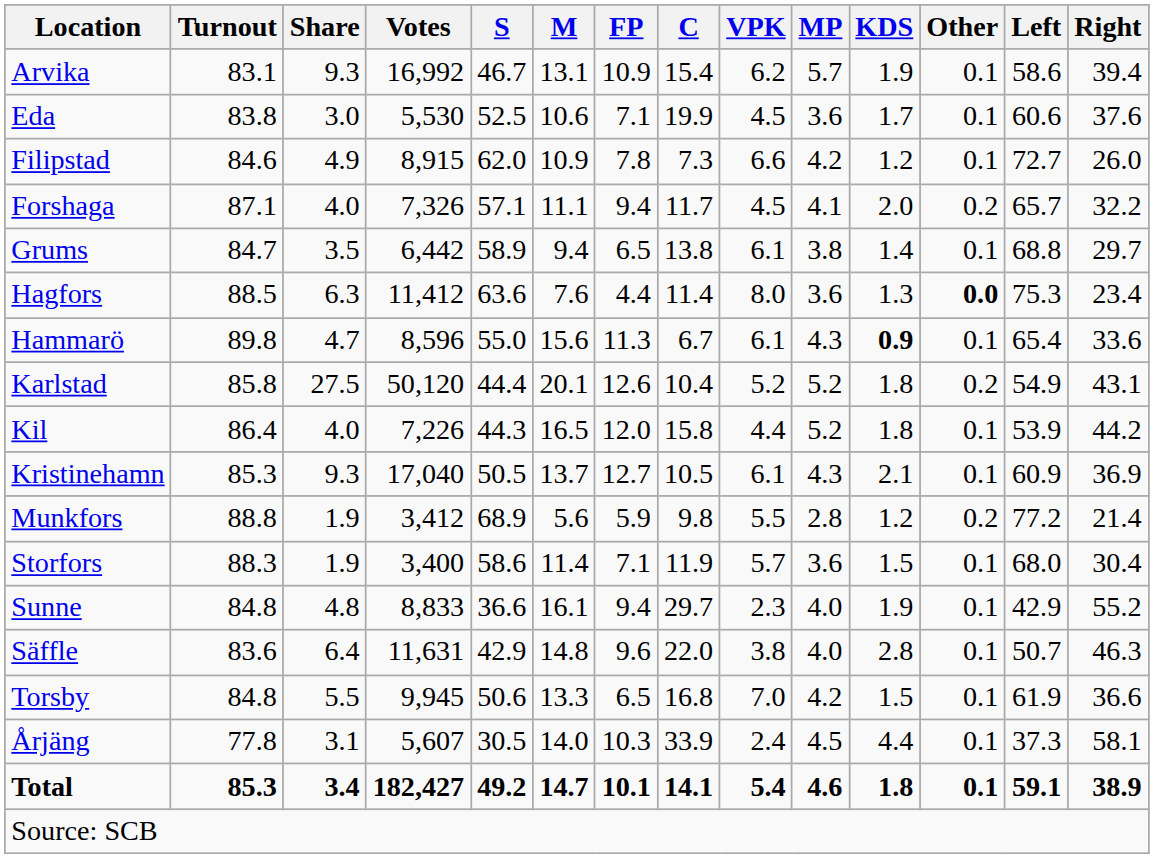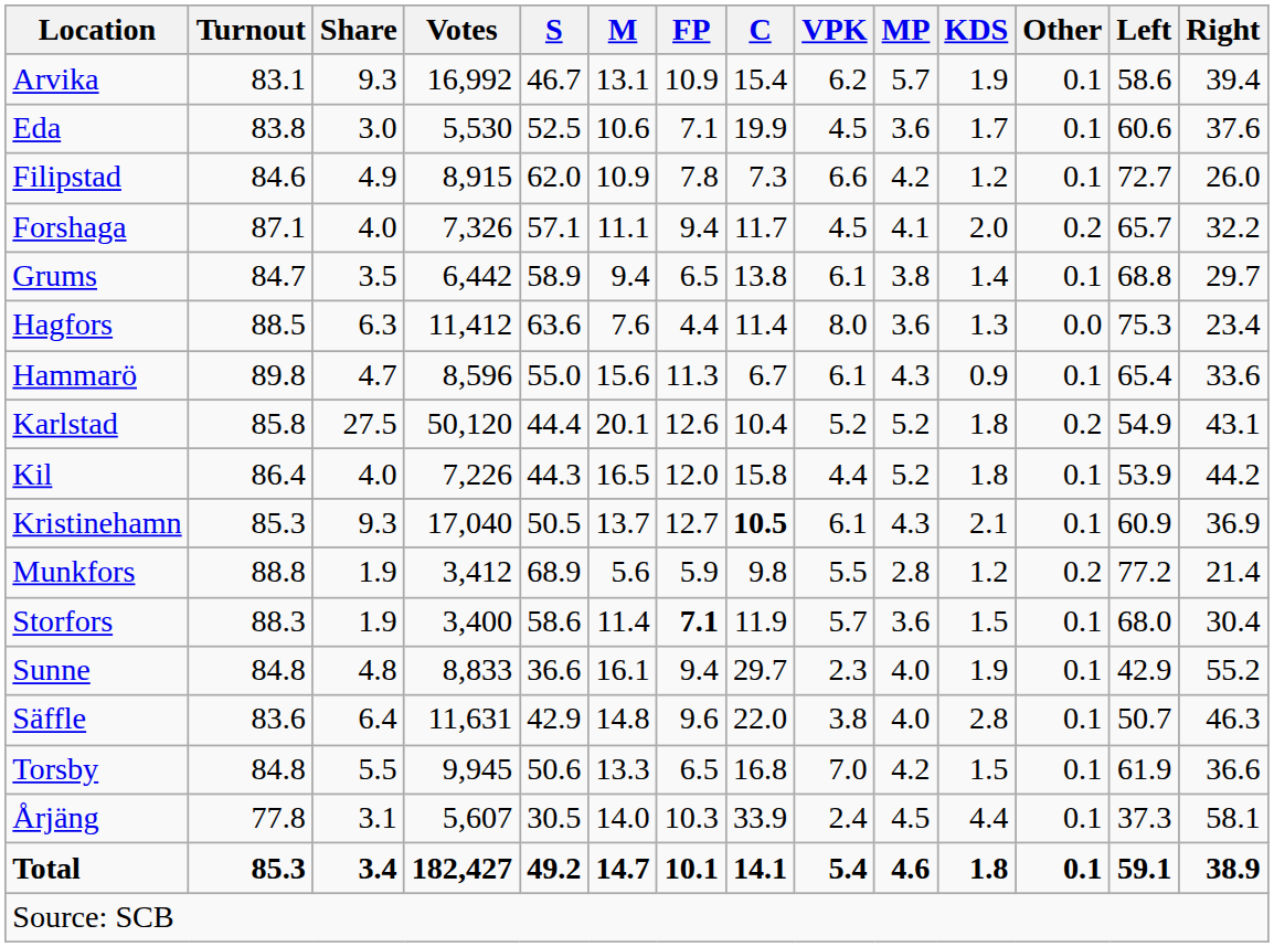 <table class="wikitable sortable" style=text-align:right>
 <tr>
 <th>Location</th>
 <th>Turnout</th>
 <th>Share</th>
 <th>Votes</th>
 <th><a href='#'>S</a></th>
 <th><a href='#'>M</a></th>
 <th><a href='#'>FP</a></th>
 <th><a href='#'>C</a></th>
 <th><a href='#'>VPK</a></th>
 <th><a href='#'>MP</a></th>
 <th><a href='#'>KDS</a></th>
 <th>Other</th>
 <th>Left</th>
 <th>Right</th>
 </tr>
 <tr>
 <td align=left><a href='#'>Arvika</a></td>
 <td>83.1</td>
 <td>9.3</td>
 <td>16,992</td>
 <td>46.7</td>
 <td>13.1</td>
 <td>10.9</td>
 <td>15.4</td>
 <td>6.2</td>
 <td>5.7</td>
 <td>1.9</td>
 <td>0.1</td>
 <td>58.6</td>
 <td>39.4</td>
 </tr>
 <tr>
 <td align=left><a href='#'>Eda</a></td>
 <td>83.8</td>
 <td>3.0</td>
 <td>5,530</td>
 <td>52.5</td>
 <td>10.6</td>
 <td>7.1</td>
 <td>19.9</td>
 <td>4.5</td>
 <td>3.6</td>
 <td>1.7</td>
 <td>0.1</td>
 <td>60.6</td>
 <td>37.6</td>
 </tr>
 <tr>
 <td align=left><a href='#'>Filipstad</a></td>
 <td>84.6</td>
 <td>4.9</td>
 <td>8,915</td>
 <td>62.0</td>
 <td>10.9</td>
 <td>7.8</td>
 <td>7.3</td>
 <td>6.6</td>
 <td>4.2</td>
 <td>1.2</td>
 <td>0.1</td>
 <td>72.7</td>
 <td>26.0</td>
 </tr>
 <tr>
 <td align=left><a href='#'>Forshaga</a></td>
 <td>87.1</td>
 <td>4.0</td>
 <td>7,326</td>
 <td>57.1</td>
 <td>11.1</td>
 <td>9.4</td>
 <td>11.7</td>
 <td>4.5</td>
 <td>4.1</td>
 <td>2.0</td>
 <td>0.2</td>
 <td>65.7</td>
 <td>32.2</td>
 </tr>
 <tr>
 <td align=left><a href='#'>Grums</a></td>
 <td>84.7</td>
 <td>3.5</td>
 <td>6,442</td>
 <td>58.9</td>
 <td>9.4</td>
 <td>6.5</td>
 <td>13.8</td>
 <td>6.1</td>
 <td>3.8</td>
 <td>1.4</td>
 <td>0.1</td>
 <td>68.8</td>
 <td>29.7</td>
 </tr>
 <tr>
 <td align=left><a href='#'>Hagfors</a></td>
 <td>88.5</td>
 <td>6.3</td>
 <td>11,412</td>
 <td>63.6</td>
 <td>7.6</td>
 <td>4.4</td>
 <td>11.4</td>
 <td>8.0</td>
 <td>3.6</td>
 <td>1.3</td>
-<td><strong>0.0</strong></td>
+<td>0.0</td>
 <td>75.3</td>
 <td>23.4</td>
 </tr>
 <tr>
 <td align=left><a href='#'>Hammarö</a></td>
 <td>89.8</td>
 <td>4.7</td>
 <td>8,596</td>
 <td>55.0</td>
 <td>15.6</td>
 <td>11.3</td>
 <td>6.7</td>
 <td>6.1</td>
 <td>4.3</td>
-<td><strong>0.9</strong></td>
+<td>0.9</td>
 <td>0.1</td>
 <td>65.4</td>
 <td>33.6</td>
 </tr>
 <tr>
 <td align=left><a href='#'>Karlstad</a></td>
 <td>85.8</td>
 <td>27.5</td>
 <td>50,120</td>
 <td>44.4</td>
 <td>20.1</td>
 <td>12.6</td>
 <td>10.4</td>
 <td>5.2</td>
 <td>5.2</td>
 <td>1.8</td>
 <td>0.2</td>
 <td>54.9</td>
 <td>43.1</td>
 </tr>
 <tr>
 <td align=left><a href='#'>Kil</a></td>
 <td>86.4</td>
 <td>4.0</td>
 <td>7,226</td>
 <td>44.3</td>
 <td>16.5</td>
 <td>12.0</td>
 <td>15.8</td>
 <td>4.4</td>
 <td>5.2</td>
 <td>1.8</td>
 <td>0.1</td>
 <td>53.9</td>
 <td>44.2</td>
 </tr>
 <tr>
 <td align=left><a href='#'>Kristinehamn</a></td>
 <td>85.3</td>
 <td>9.3</td>
 <td>17,040</td>
 <td>50.5</td>
 <td>13.7</td>
 <td>12.7</td>
-<td>10.5</td>
+<td><strong>10.5</strong></td>
 <td>6.1</td>
 <td>4.3</td>
 <td>2.1</td>
 <td>0.1</td>
 <td>60.9</td>
 <td>36.9</td>
 </tr>
 <tr>
 <td align=left><a href='#'>Munkfors</a></td>
 <td>88.8</td>
 <td>1.9</td>
 <td>3,412</td>
 <td>68.9</td>
 <td>5.6</td>
 <td>5.9</td>
 <td>9.8</td>
 <td>5.5</td>
 <td>2.8</td>
 <td>1.2</td>
 <td>0.2</td>
 <td>77.2</td>
 <td>21.4</td>
 </tr>
 <tr>
 <td align=left><a href='#'>Storfors</a></td>
 <td>88.3</td>
 <td>1.9</td>
 <td>3,400</td>
 <td>58.6</td>
 <td>11.4</td>
-<td>7.1</td>
+<td><strong>7.1</strong></td>
 <td>11.9</td>
 <td>5.7</td>
 <td>3.6</td>
 <td>1.5</td>
 <td>0.1</td>
 <td>68.0</td>
 <td>30.4</td>
 </tr>
 <tr>
 <td align=left><a href='#'>Sunne</a></td>
 <td>84.8</td>
 <td>4.8</td>
 <td>8,833</td>
 <td>36.6</td>
 <td>16.1</td>
 <td>9.4</td>
 <td>29.7</td>
 <td>2.3</td>
 <td>4.0</td>
 <td>1.9</td>
 <td>0.1</td>
 <td>42.9</td>
 <td>55.2</td>
 </tr>
 <tr>
 <td align=left><a href='#'>Säffle</a></td>
 <td>83.6</td>
 <td>6.4</td>
 <td>11,631</td>
 <td>42.9</td>
 <td>14.8</td>
 <td>9.6</td>
 <td>22.0</td>
 <td>3.8</td>
 <td>4.0</td>
 <td>2.8</td>
 <td>0.1</td>
 <td>50.7</td>
 <td>46.3</td>
 </tr>
 <tr>
 <td align=left><a href='#'>Torsby</a></td>
 <td>84.8</td>
 <td>5.5</td>
 <td>9,945</td>
 <td>50.6</td>
 <td>13.3</td>
 <td>6.5</td>
 <td>16.8</td>
 <td>7.0</td>
 <td>4.2</td>
 <td>1.5</td>
 <td>0.1</td>
 <td>61.9</td>
 <td>36.6</td>
 </tr>
 <tr>
 <td align=left><a href='#'>Årjäng</a></td>
 <td>77.8</td>
 <td>3.1</td>
 <td>5,607</td>
 <td>30.5</td>
 <td>14.0</td>
 <td>10.3</td>
 <td>33.9</td>
 <td>2.4</td>
 <td>4.5</td>
 <td>4.4</td>
 <td>0.1</td>
 <td>37.3</td>
 <td>58.1</td>
 </tr>
 <tr>
 <td align=left><strong>Total</strong></td>
 <td><strong>85.3</strong></td>
 <td><strong>3.4</strong></td>
 <td><strong>182,427</strong></td>
 <td><strong>49.2</strong></td>
 <td><strong>14.7</strong></td>
 <td><strong>10.1</strong></td>
 <td><strong>14.1</strong></td>
 <td><strong>5.4</strong></td>
 <td><strong>4.6</strong></td>
 <td><strong>1.8</strong></td>
 <td><strong>0.1</strong></td>
 <td><strong>59.1</strong></td>
 <td><strong>38.9</strong></td>
 </tr>
 <tr>
 <td align=left colspan=14>Source: SCB </td>
 </tr>
 </table>
